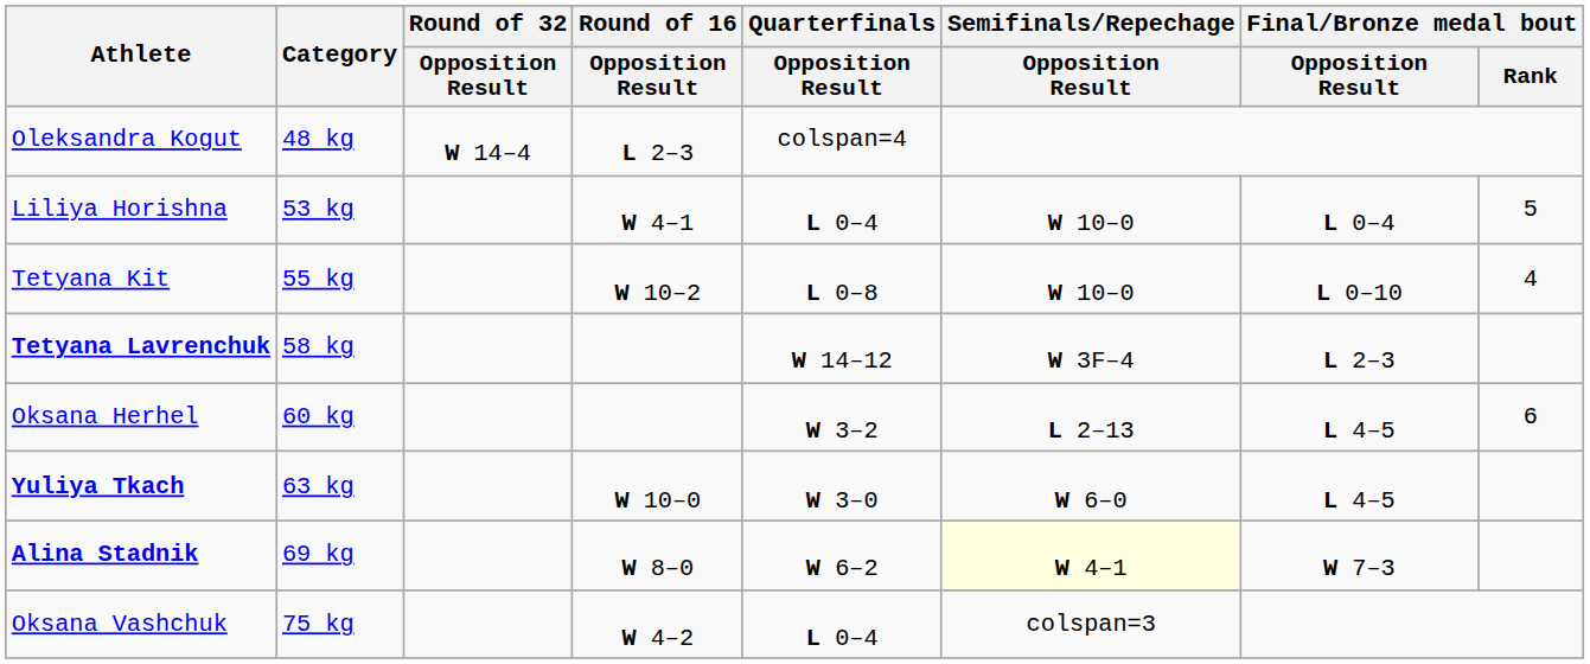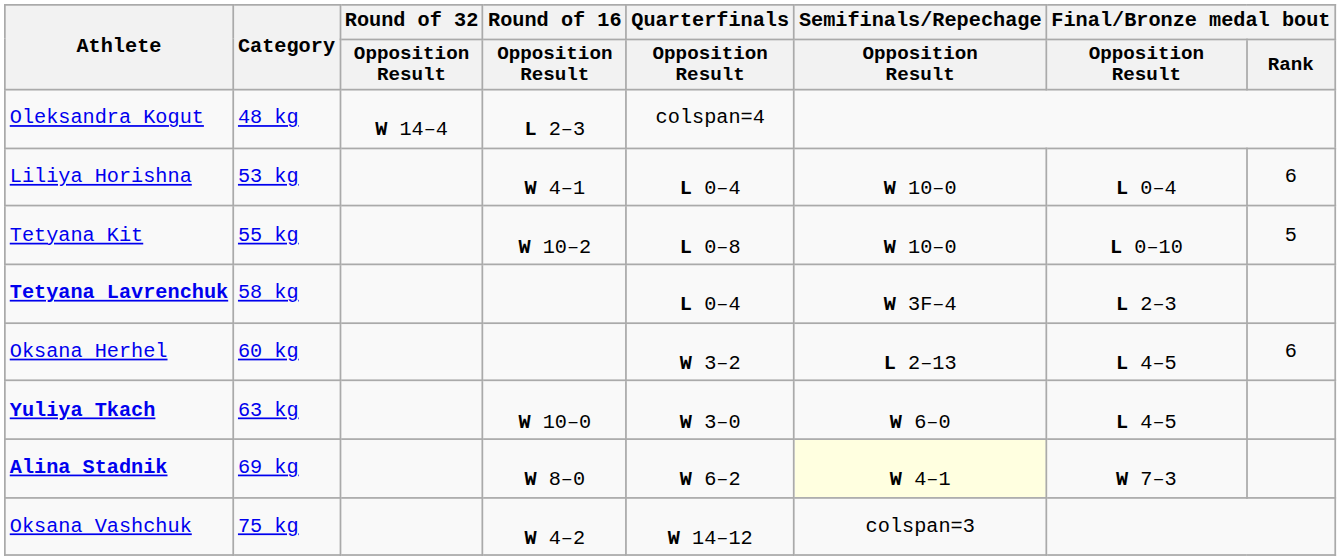 <table class="wikitable" style="text-align:center; font-size:90%">
 <tr>
 <th rowspan=2>Athlete</th>
 <th rowspan=2>Category</th>
 <th>Round of 32</th>
 <th>Round of 16</th>
 <th>Quarterfinals</th>
 <th>Semifinals/Repechage</th>
 <th colspan=2>Final/Bronze medal bout</th>
 </tr>
 <tr style="font-size:95%">
 <th>Opposition<br>Result</th>
 <th>Opposition<br>Result</th>
 <th>Opposition<br>Result</th>
 <th>Opposition<br>Result</th>
 <th>Opposition<br>Result</th>
 <th>Rank</th>
 </tr>
 <tr>
 <td align=left><a href='#'>Oleksandra Kogut</a></td>
 <td align=left><a href='#'>48 kg</a></td>
 <td><br> <strong>W</strong> 14–4</td>
 <td><br> <strong>L</strong> 2–3</td>
 <td>colspan=4 </td>
 </tr>
 <tr>
 <td align=left><a href='#'>Liliya Horishna</a></td>
 <td align=left><a href='#'>53 kg</a></td>
 <td></td>
 <td><br> <strong>W</strong> 4–1</td>
 <td><br> <strong>L</strong> 0–4</td>
 <td><br> <strong>W</strong> 10–0</td>
 <td><br> <strong>L</strong> 0–4</td>
-<td>5</td>
+<td>6</td>
 </tr>
 <tr>
 <td align=left><a href='#'>Tetyana Kit</a></td>
 <td align=left><a href='#'>55 kg</a></td>
 <td></td>
 <td><br> <strong>W</strong> 10–2</td>
 <td><br> <strong>L</strong> 0–8</td>
 <td><br> <strong>W</strong> 10–0</td>
 <td><br> <strong>L</strong> 0–10</td>
-<td>4</td>
+<td>5</td>
 </tr>
 <tr>
 <td align=left><strong><a href='#'>Tetyana Lavrenchuk</a></strong></td>
 <td align=left><a href='#'>58 kg</a></td>
 <td></td>
 <td></td>
-<td><br> <strong>W</strong> 14–12</td>
+<td><br> <strong>L</strong> 0–4</td>
 <td><br> <strong>W</strong> 3F–4</td>
 <td><br> <strong>L</strong> 2–3</td>
 <td></td>
 </tr>
 <tr>
 <td align=left><a href='#'>Oksana Herhel</a></td>
 <td align=left><a href='#'>60 kg</a></td>
 <td></td>
 <td></td>
 <td><br> <strong>W</strong> 3–2</td>
 <td><br> <strong>L</strong> 2–13</td>
 <td><br> <strong>L</strong> 4–5</td>
 <td>6</td>
 </tr>
 <tr>
 <td align=left><strong><a href='#'>Yuliya Tkach</a></strong></td>
 <td align=left><a href='#'>63 kg</a></td>
 <td></td>
 <td><br> <strong>W</strong> 10–0</td>
 <td><br> <strong>W</strong> 3–0</td>
 <td><br> <strong>W</strong> 6–0</td>
 <td><br> <strong>L</strong> 4–5</td>
 <td></td>
 </tr>
 <tr>
 <td align=left><strong><a href='#'>Alina Stadnik</a></strong></td>
 <td align=left><a href='#'>69 kg</a></td>
 <td></td>
 <td><br> <strong>W</strong> 8–0</td>
 <td><br> <strong>W</strong> 6–2</td>
 <td style="background: lightyellow;"><br> <strong>W</strong> 4–1</td>
 <td><br> <strong>W</strong> 7–3</td>
 <td></td>
 </tr>
 <tr>
 <td align=left><a href='#'>Oksana Vashchuk</a></td>
 <td align=left><a href='#'>75 kg</a></td>
 <td></td>
 <td><br> <strong>W</strong> 4–2</td>
-<td><br> <strong>L</strong> 0–4</td>
+<td><br> <strong>W</strong> 14–12</td>
 <td>colspan=3 </td>
 </tr>
 </table>
